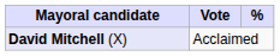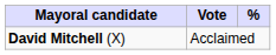 <table class="wikitable">
 <tr>
 <th style="background:#ddf; width:200px;">Mayoral candidate</th>
 <th style="background:#ddf; width:50px;">Vote</th>
 <th style="background:#ddf; width:30px;">%</th>
 </tr>
 <tr>
-<td style="background: lavender;"><strong>David Mitchell</strong> (X)</td>
+<td><strong>David Mitchell</strong> (X)</td>
 <td colspan="2">Acclaimed</td>
 </tr>
 </table>
